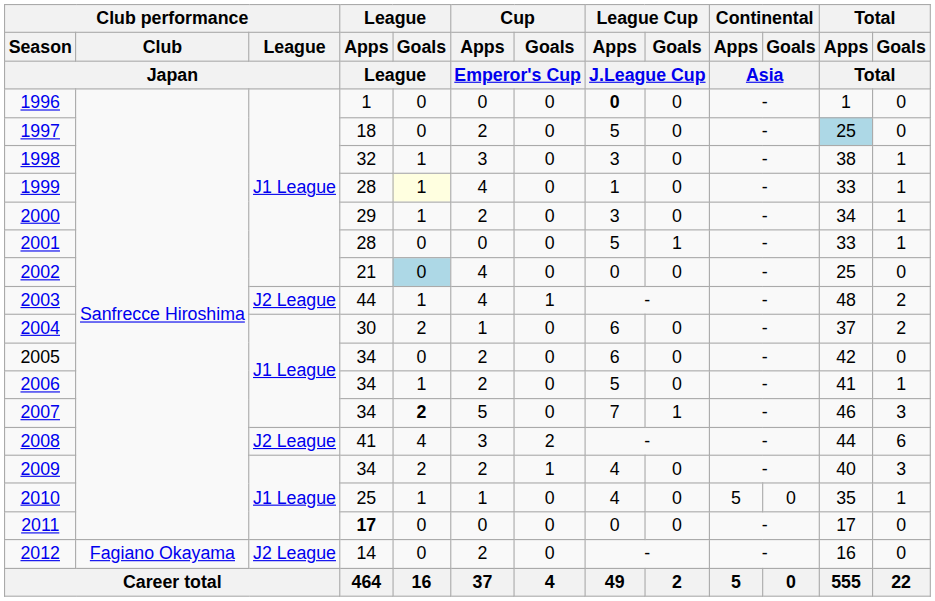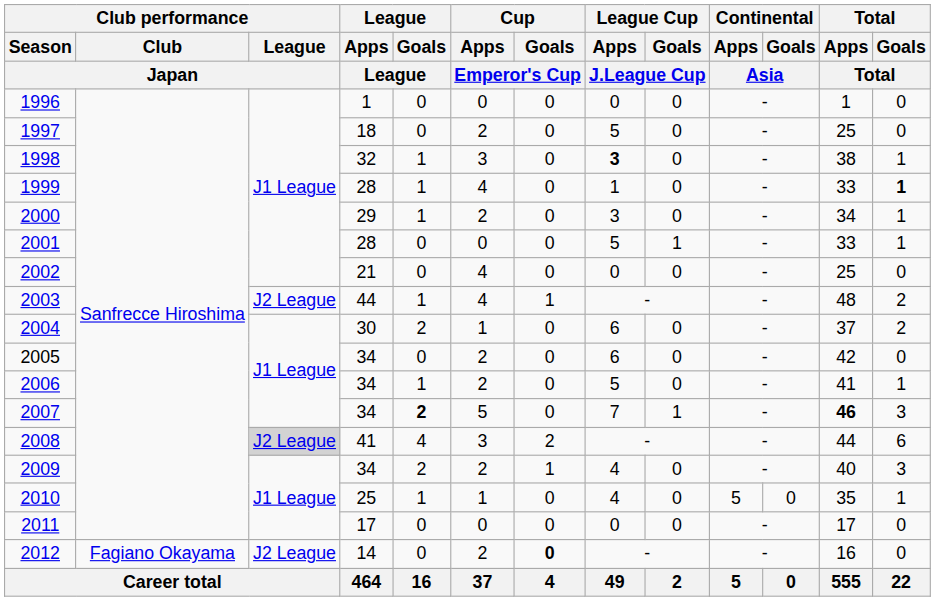 <table class="wikitable" style="text-align:center">
 <tr>
 <th colspan=3>Club performance</th>
 <th colspan=2>League</th>
 <th colspan=2>Cup</th>
 <th colspan=2>League Cup</th>
 <th colspan=2>Continental</th>
 <th colspan=2>Total</th>
 </tr>
 <tr>
 <th>Season</th>
 <th>Club</th>
 <th>League</th>
 <th>Apps</th>
 <th>Goals</th>
 <th>Apps</th>
 <th>Goals</th>
 <th>Apps</th>
 <th>Goals</th>
 <th>Apps</th>
 <th>Goals</th>
 <th>Apps</th>
 <th>Goals</th>
 </tr>
 <tr>
 <th colspan=3>Japan</th>
 <th colspan=2>League</th>
 <th colspan=2><a href='#'>Emperor's Cup</a></th>
 <th colspan=2><a href='#'>J.League Cup</a></th>
 <th colspan=2><a href='#'>Asia</a></th>
 <th colspan=2>Total</th>
 </tr>
 <tr>
 <td><a href='#'>1996</a></td>
 <td rowspan="16"><a href='#'>Sanfrecce Hiroshima</a></td>
 <td rowspan="7"><a href='#'>J1 League</a></td>
 <td>1</td>
 <td>0</td>
 <td>0</td>
 <td>0</td>
-<td><strong>0</strong></td>
+<td>0</td>
 <td>0</td>
 <td colspan="2">-</td>
 <td>1</td>
 <td>0</td>
 </tr>
 <tr>
 <td><a href='#'>1997</a></td>
 <td>18</td>
 <td>0</td>
 <td>2</td>
 <td>0</td>
 <td>5</td>
 <td>0</td>
 <td colspan="2">-</td>
-<td style="background: lightblue;">25</td>
+<td>25</td>
 <td>0</td>
 </tr>
 <tr>
 <td><a href='#'>1998</a></td>
 <td>32</td>
 <td>1</td>
 <td>3</td>
 <td>0</td>
-<td>3</td>
+<td><strong>3</strong></td>
 <td>0</td>
 <td colspan="2">-</td>
 <td>38</td>
 <td>1</td>
 </tr>
 <tr>
 <td><a href='#'>1999</a></td>
 <td>28</td>
-<td style="background: lightyellow;">1</td>
+<td>1</td>
 <td>4</td>
 <td>0</td>
 <td>1</td>
 <td>0</td>
 <td colspan="2">-</td>
 <td>33</td>
-<td>1</td>
+<td><strong>1</strong></td>
 </tr>
 <tr>
 <td><a href='#'>2000</a></td>
 <td>29</td>
 <td>1</td>
 <td>2</td>
 <td>0</td>
 <td>3</td>
 <td>0</td>
 <td colspan="2">-</td>
 <td>34</td>
 <td>1</td>
 </tr>
 <tr>
 <td><a href='#'>2001</a></td>
 <td>28</td>
 <td>0</td>
 <td>0</td>
 <td>0</td>
 <td>5</td>
 <td>1</td>
 <td colspan="2">-</td>
 <td>33</td>
 <td>1</td>
 </tr>
 <tr>
 <td><a href='#'>2002</a></td>
 <td>21</td>
-<td style="background: lightblue;">0</td>
+<td>0</td>
 <td>4</td>
 <td>0</td>
 <td>0</td>
 <td>0</td>
 <td colspan="2">-</td>
 <td>25</td>
 <td>0</td>
 </tr>
 <tr>
 <td><a href='#'>2003</a></td>
 <td><a href='#'>J2 League</a></td>
 <td>44</td>
 <td>1</td>
 <td>4</td>
 <td>1</td>
 <td colspan="2">-</td>
 <td colspan="2">-</td>
 <td>48</td>
 <td>2</td>
 </tr>
 <tr>
 <td><a href='#'>2004</a></td>
 <td rowspan="4"><a href='#'>J1 League</a></td>
 <td>30</td>
 <td>2</td>
 <td>1</td>
 <td>0</td>
 <td>6</td>
 <td>0</td>
 <td colspan="2">-</td>
 <td>37</td>
 <td>2</td>
 </tr>
 <tr>
 <td>2005</td>
 <td>34</td>
 <td>0</td>
 <td>2</td>
 <td>0</td>
 <td>6</td>
 <td>0</td>
 <td colspan="2">-</td>
 <td>42</td>
 <td>0</td>
 </tr>
 <tr>
 <td><a href='#'>2006</a></td>
 <td>34</td>
 <td>1</td>
 <td>2</td>
 <td>0</td>
 <td>5</td>
 <td>0</td>
 <td colspan="2">-</td>
 <td>41</td>
 <td>1</td>
 </tr>
 <tr>
 <td><a href='#'>2007</a></td>
 <td>34</td>
 <td><strong>2</strong></td>
 <td>5</td>
 <td>0</td>
 <td>7</td>
 <td>1</td>
 <td colspan="2">-</td>
-<td>46</td>
+<td><strong>46</strong></td>
 <td>3</td>
 </tr>
 <tr>
 <td><a href='#'>2008</a></td>
-<td><a href='#'>J2 League</a></td>
+<td style="background: lightgrey;"><a href='#'>J2 League</a></td>
 <td>41</td>
 <td>4</td>
 <td>3</td>
 <td>2</td>
 <td colspan="2">-</td>
 <td colspan="2">-</td>
 <td>44</td>
 <td>6</td>
 </tr>
 <tr>
 <td><a href='#'>2009</a></td>
 <td rowspan="3"><a href='#'>J1 League</a></td>
 <td>34</td>
 <td>2</td>
 <td>2</td>
 <td>1</td>
 <td>4</td>
 <td>0</td>
 <td colspan="2">-</td>
 <td>40</td>
 <td>3</td>
 </tr>
 <tr>
 <td><a href='#'>2010</a></td>
 <td>25</td>
 <td>1</td>
 <td>1</td>
 <td>0</td>
 <td>4</td>
 <td>0</td>
 <td>5</td>
 <td>0</td>
 <td>35</td>
 <td>1</td>
 </tr>
 <tr>
 <td><a href='#'>2011</a></td>
-<td><strong>17</strong></td>
+<td>17</td>
 <td>0</td>
 <td>0</td>
 <td>0</td>
 <td>0</td>
 <td>0</td>
 <td colspan="2">-</td>
 <td>17</td>
 <td>0</td>
 </tr>
 <tr>
 <td><a href='#'>2012</a></td>
 <td><a href='#'>Fagiano Okayama</a></td>
 <td><a href='#'>J2 League</a></td>
 <td>14</td>
 <td>0</td>
 <td>2</td>
-<td>0</td>
+<td><strong>0</strong></td>
 <td colspan="2">-</td>
 <td colspan="2">-</td>
 <td>16</td>
 <td>0</td>
 </tr>
 <tr>
 <th colspan=3>Career total</th>
 <th>464</th>
 <th>16</th>
 <th>37</th>
 <th>4</th>
 <th>49</th>
 <th>2</th>
 <th>5</th>
 <th>0</th>
 <th>555</th>
 <th>22</th>
 </tr>
 </table>
